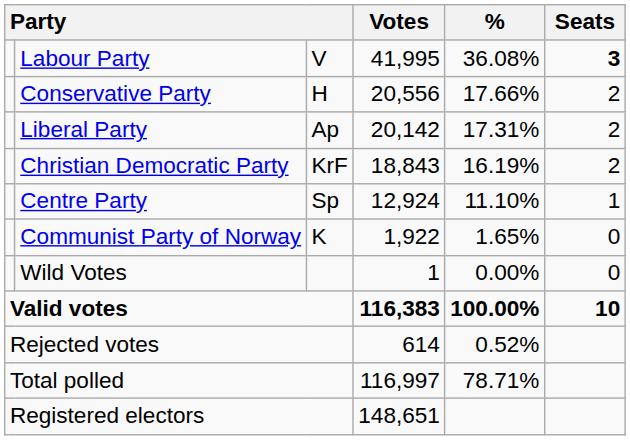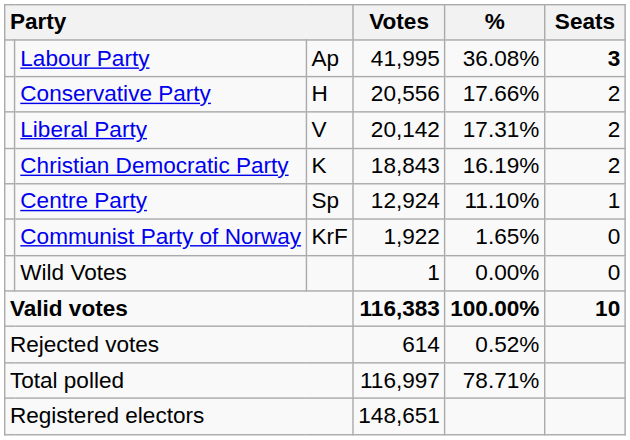 <table class="wikitable" border="1" style="text-align:right;">
 <tr>
 <th style="text-align:left;" colspan=3>Party</th>
 <th align=center width="50">Votes</th>
 <th align=center width="50">%</th>
 <th align=center width="50">Seats</th>
 </tr>
 <tr>
 <td style="color:inherit;background:"></td>
 <td align=left><a href='#'>Labour Party</a></td>
-<td align=left>V</td>
+<td align=left>Ap</td>
 <td>41,995</td>
 <td>36.08%</td>
 <td><strong>3</strong></td>
 </tr>
 <tr>
 <td style="color:inherit;background:"></td>
 <td align=left><a href='#'>Conservative Party</a></td>
 <td align=left>H</td>
 <td>20,556</td>
 <td>17.66%</td>
 <td>2</td>
 </tr>
 <tr>
 <td style="color:inherit;background:"></td>
 <td align=left><a href='#'>Liberal Party</a></td>
-<td align=left>Ap</td>
+<td align=left>V</td>
 <td>20,142</td>
 <td>17.31%</td>
 <td>2</td>
 </tr>
 <tr>
 <td style="color:inherit;background:"></td>
 <td align=left><a href='#'>Christian Democratic Party</a></td>
-<td align=left>KrF</td>
+<td align=left>K</td>
 <td>18,843</td>
 <td>16.19%</td>
 <td>2</td>
 </tr>
 <tr>
 <td style="color:inherit;background:"></td>
 <td align=left><a href='#'>Centre Party</a></td>
 <td align=left>Sp</td>
 <td>12,924</td>
 <td>11.10%</td>
 <td>1</td>
 </tr>
 <tr>
 <td style="color:inherit;background:"></td>
 <td align=left><a href='#'>Communist Party of Norway</a></td>
-<td align=left>K</td>
+<td align=left>KrF</td>
 <td>1,922</td>
 <td>1.65%</td>
 <td>0</td>
 </tr>
 <tr>
 <td></td>
 <td align=left>Wild Votes</td>
 <td align=left></td>
 <td>1</td>
 <td>0.00%</td>
 <td>0</td>
 </tr>
 <tr style="font-weight:bold">
 <td align=left colspan=3>Valid votes</td>
 <td>116,383</td>
 <td>100.00%</td>
 <td>10</td>
 </tr>
 <tr>
 <td align=left colspan=3>Rejected votes</td>
 <td>614</td>
 <td>0.52%</td>
 <td></td>
 </tr>
 <tr>
 <td align=left colspan=3>Total polled</td>
 <td>116,997</td>
 <td>78.71%</td>
 <td></td>
 </tr>
 <tr>
 <td align=left colspan=3>Registered electors</td>
 <td>148,651</td>
 <td></td>
 <td></td>
 </tr>
 </table>
